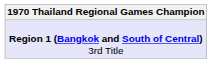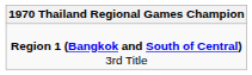 <table class=wikitable style="text-align:center; margin:auto">
 <tr>
 <th>1970 Thailand Regional Games Champion</th>
 </tr>
 <tr>
-<td style="background: lavender;"><br><strong>Region 1 (<a href='#'>Bangkok</a> and <a href='#'>South of Central</a>)<br></strong>3rd Title</td>
+<td><br><strong>Region 1 (<a href='#'>Bangkok</a> and <a href='#'>South of Central</a>)<br></strong>3rd Title</td>
 </tr>
 </table>
